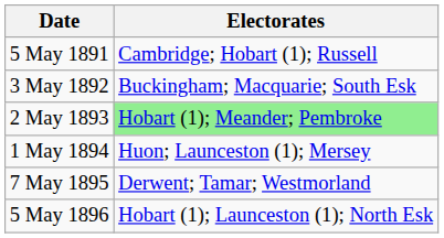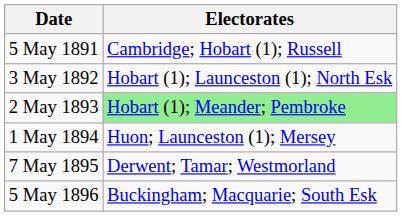 <table class=wikitable>
 <tr>
 <th>Date</th>
 <th>Electorates</th>
 </tr>
 <tr>
 <td>5 May 1891</td>
 <td><a href='#'>Cambridge</a>; <a href='#'>Hobart</a> (1); <a href='#'>Russell</a></td>
 </tr>
 <tr>
 <td>3 May 1892</td>
-<td><a href='#'>Buckingham</a>; <a href='#'>Macquarie</a>; <a href='#'>South Esk</a></td>
+<td><a href='#'>Hobart</a> (1); <a href='#'>Launceston</a> (1); <a href='#'>North Esk</a></td>
 </tr>
 <tr>
 <td>2 May 1893</td>
 <td style="background: lightgreen;"><a href='#'>Hobart</a> (1); <a href='#'>Meander</a>; <a href='#'>Pembroke</a></td>
 </tr>
 <tr>
 <td>1 May 1894</td>
 <td><a href='#'>Huon</a>; <a href='#'>Launceston</a> (1); <a href='#'>Mersey</a></td>
 </tr>
 <tr>
 <td>7 May 1895</td>
 <td><a href='#'>Derwent</a>; <a href='#'>Tamar</a>; <a href='#'>Westmorland</a></td>
 </tr>
 <tr>
 <td>5 May 1896</td>
-<td><a href='#'>Hobart</a> (1); <a href='#'>Launceston</a> (1); <a href='#'>North Esk</a></td>
+<td><a href='#'>Buckingham</a>; <a href='#'>Macquarie</a>; <a href='#'>South Esk</a></td>
 </tr>
 </table>
